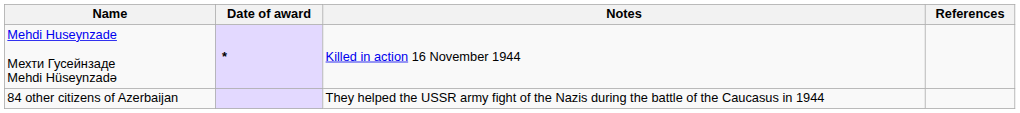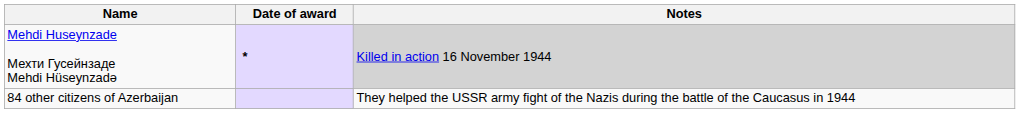 <table class="wikitable sortable" width="100%">
 <tr>
 <th>Name</th>
 <th>Date of award</th>
 <th class="unsortable">Notes</th>
-<th class="unsortable">References</th>
 </tr>
 <tr>
 <td><a href='#'>Mehdi Huseynzade</a><br><br>Мехти Гусейнзаде<br> Mehdi Hüseynzadə</td>
 <td style="background:#e3d9ff;"> <strong>*</strong></td>
-<td><a href='#'>Killed in action</a> 16 November 1944</td>
-<td></td>
+<td style="background: lightgrey;"><a href='#'>Killed in action</a> 16 November 1944</td>
 </tr>
 <tr>
 <td>84 other citizens of Azerbaijan<br></td>
 <td style="background:#e3d9ff;"> </td>
 <td>They helped the USSR army fight of the Nazis during the battle of the Caucasus in 1944</td>
-<td><br></td>
 </tr>
 </table>
